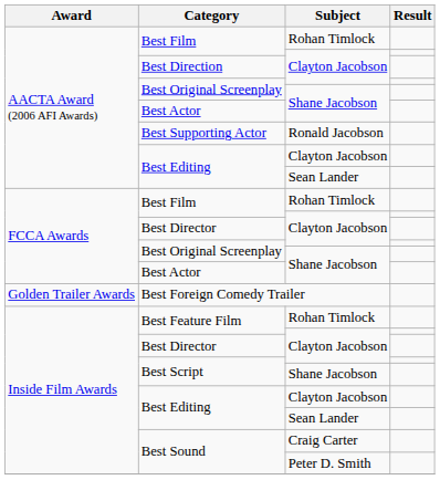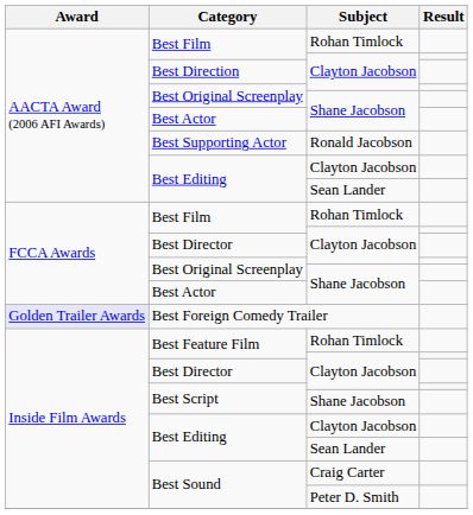 <table class="wikitable">
 <tr>
 <th>Award</th>
 <th>Category</th>
 <th>Subject</th>
 <th>Result</th>
 </tr>
 <tr>
 <td rowspan=9><a href='#'>AACTA Award</a><br><small>(2006 AFI Awards)</small></td>
 <td rowspan=2><a href='#'>Best Film</a></td>
 <td>Rohan Timlock</td>
 <td></td>
 </tr>
 <tr>
 <td rowspan=3><a href='#'>Clayton Jacobson</a></td>
 <td></td>
 </tr>
 <tr>
 <td><a href='#'>Best Direction</a></td>
 <td></td>
 </tr>
 <tr>
 <td rowspan=2><a href='#'>Best Original Screenplay</a></td>
 <td></td>
 </tr>
 <tr>
 <td rowspan=2><a href='#'>Shane Jacobson</a></td>
 <td></td>
 </tr>
 <tr>
 <td><a href='#'>Best Actor</a></td>
 <td></td>
 </tr>
 <tr>
 <td><a href='#'>Best Supporting Actor</a></td>
 <td>Ronald Jacobson</td>
 <td></td>
 </tr>
 <tr>
 <td rowspan=2><a href='#'>Best Editing</a></td>
 <td>Clayton Jacobson</td>
 <td></td>
 </tr>
 <tr>
 <td>Sean Lander</td>
 <td></td>
 </tr>
 <tr>
 <td rowspan=6><a href='#'>FCCA Awards</a></td>
 <td rowspan=2>Best Film</td>
 <td>Rohan Timlock</td>
 <td></td>
 </tr>
 <tr>
 <td rowspan=3>Clayton Jacobson</td>
 <td></td>
 </tr>
 <tr>
 <td>Best Director</td>
 <td></td>
 </tr>
 <tr>
 <td rowspan=2>Best Original Screenplay</td>
 <td></td>
 </tr>
 <tr>
 <td rowspan=2>Shane Jacobson</td>
 <td></td>
 </tr>
 <tr>
 <td>Best Actor</td>
 <td></td>
 </tr>
 <tr>
-<td><a href='#'>Golden Trailer Awards</a></td>
+<td style="background: lavender;"><a href='#'>Golden Trailer Awards</a></td>
 <td colspan=2>Best Foreign Comedy Trailer</td>
 <td></td>
 </tr>
 <tr>
 <td rowspan=9><a href='#'>Inside Film Awards</a></td>
 <td rowspan=2>Best Feature Film</td>
 <td>Rohan Timlock</td>
 <td></td>
 </tr>
 <tr>
 <td rowspan=3>Clayton Jacobson</td>
 <td></td>
 </tr>
 <tr>
 <td>Best Director</td>
 <td></td>
 </tr>
 <tr>
 <td rowspan=2>Best Script</td>
 <td></td>
 </tr>
 <tr>
 <td>Shane Jacobson</td>
 <td></td>
 </tr>
 <tr>
 <td rowspan=2>Best Editing</td>
 <td>Clayton Jacobson</td>
 <td></td>
 </tr>
 <tr>
 <td>Sean Lander</td>
 <td></td>
 </tr>
 <tr>
 <td rowspan=2>Best Sound</td>
 <td>Craig Carter</td>
 <td></td>
 </tr>
 <tr>
 <td>Peter D. Smith</td>
 <td></td>
 </tr>
 <tr>
 </tr>
 </table>
